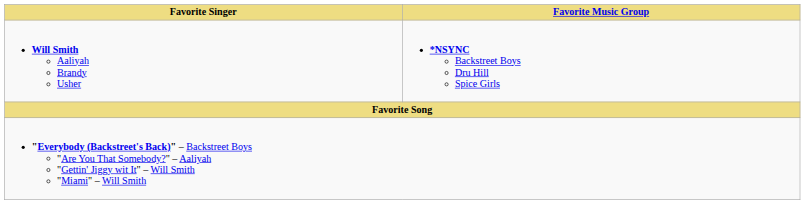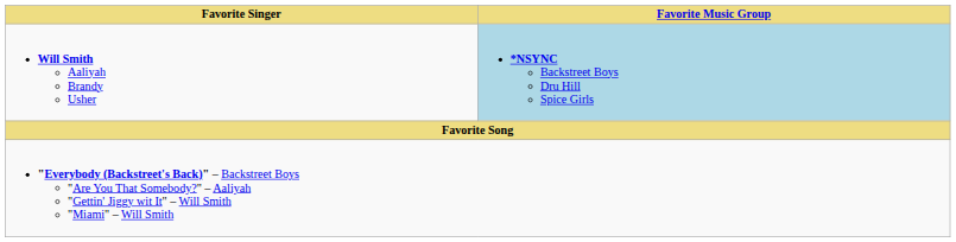 <table class="wikitable" style="width:100%">
 <tr>
 <th style="background:#EEDD82; width:50%">Favorite Singer</th>
 <th style="background:#EEDD82; width:50%"><a href='#'>Favorite Music Group</a></th>
 </tr>
 <tr>
 <td valign="top"><br><ul><li><strong><a href='#'>Will Smith</a></strong><ul><li><a href='#'>Aaliyah</a></li><li><a href='#'>Brandy</a></li><li><a href='#'>Usher</a></li></ul></li></ul></td>
-<td valign="top"><br><ul><li><strong><a href='#'>*NSYNC</a></strong><ul><li><a href='#'>Backstreet Boys</a></li><li><a href='#'>Dru Hill</a></li><li><a href='#'>Spice Girls</a></li></ul></li></ul></td>
+<td valign="top" style="background: lightblue;"><br><ul><li><strong><a href='#'>*NSYNC</a></strong><ul><li><a href='#'>Backstreet Boys</a></li><li><a href='#'>Dru Hill</a></li><li><a href='#'>Spice Girls</a></li></ul></li></ul></td>
 </tr>
 <tr>
 <th style="background:#EEDD82;" colspan="2">Favorite Song</th>
 </tr>
 <tr>
 <td colspan="2" valign="top"><br><ul><li><strong>"<a href='#'>Everybody (Backstreet's Back)</a>"</strong> – <a href='#'>Backstreet Boys</a><ul><li>"<a href='#'>Are You That Somebody?</a>" – <a href='#'>Aaliyah</a></li><li>"<a href='#'>Gettin' Jiggy wit It</a>" – <a href='#'>Will Smith</a></li><li>"<a href='#'>Miami</a>" – <a href='#'>Will Smith</a></li></ul></li></ul></td>
 </tr>
 </table>
